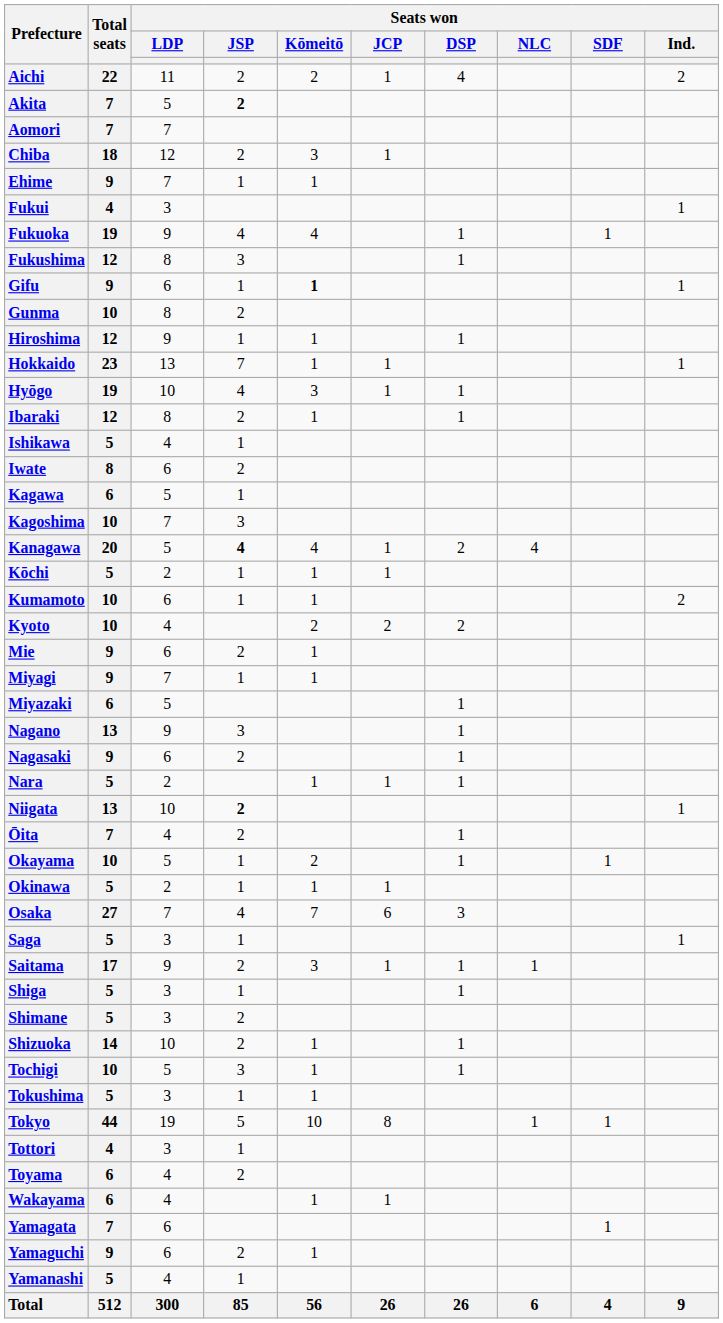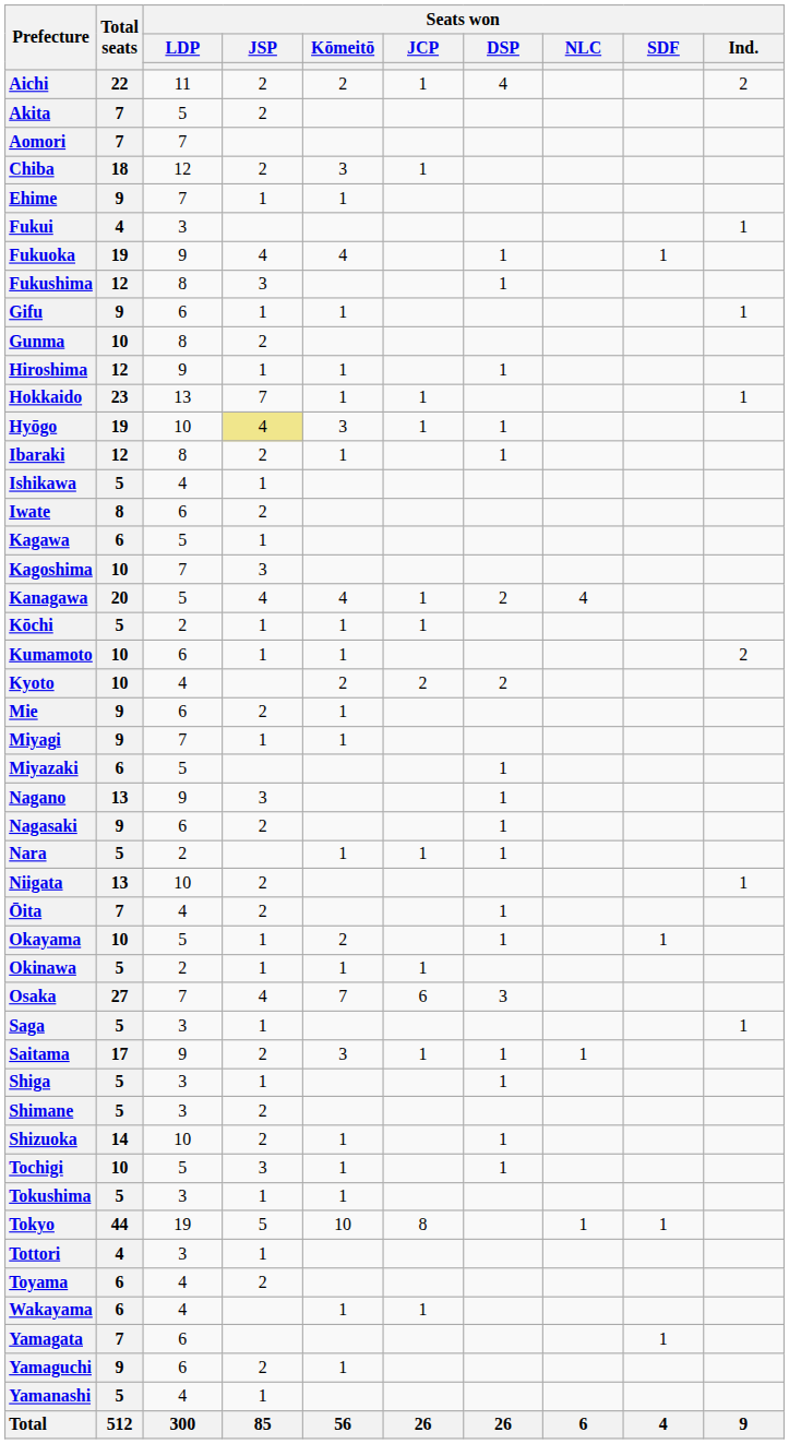 <table class="wikitable" style="text-align:center; font-size: 0.9em;">
 <tr>
 <th rowspan="3">Prefecture</th>
 <th rowspan="3">Total<br>seats</th>
 <th colspan="8">Seats won</th>
 </tr>
 <tr>
 <th class="unsortable" style="width:60px;"><a href='#'>LDP</a></th>
 <th class="unsortable" style="width:60px;"><a href='#'>JSP</a></th>
 <th class="unsortable" style="width:60px;"><a href='#'>Kōmeitō</a></th>
 <th class="unsortable" style="width:60px;"><a href='#'>JCP</a></th>
 <th class="unsortable" style="width:60px;"><a href='#'>DSP</a></th>
 <th class="unsortable" style="width:60px;"><a href='#'>NLC</a></th>
 <th class="unsortable" style="width:60px;"><a href='#'>SDF</a></th>
 <th class="unsortable" style="width:60px;">Ind.</th>
 </tr>
 <tr>
 <th style="background:"></th>
 <th style="background:"></th>
 <th style="background:"></th>
 <th style="background:"></th>
 <th style="background:"></th>
 <th style="background:"></th>
 <th style="background:"></th>
 <th style="background:"></th>
 </tr>
 <tr>
 <th style="text-align: left;"><a href='#'>Aichi</a></th>
 <th>22</th>
 <td>11</td>
 <td>2</td>
 <td>2</td>
 <td>1</td>
 <td>4</td>
 <td></td>
 <td></td>
 <td>2</td>
 </tr>
 <tr>
 <th style="text-align: left;"><a href='#'>Akita</a></th>
 <th>7</th>
 <td>5</td>
-<td><strong>2</strong></td>
+<td>2</td>
 <td></td>
 <td></td>
 <td></td>
 <td></td>
 <td></td>
 <td></td>
 </tr>
 <tr>
 <th style="text-align: left;"><a href='#'>Aomori</a></th>
 <th>7</th>
 <td>7</td>
 <td></td>
 <td></td>
 <td></td>
 <td></td>
 <td></td>
 <td></td>
 <td></td>
 </tr>
 <tr>
 <th style="text-align: left;"><a href='#'>Chiba</a></th>
 <th>18</th>
 <td>12</td>
 <td>2</td>
 <td>3</td>
 <td>1</td>
 <td></td>
 <td></td>
 <td></td>
 <td></td>
 </tr>
 <tr>
 <th style="text-align: left;"><a href='#'>Ehime</a></th>
 <th>9</th>
 <td>7</td>
 <td>1</td>
 <td>1</td>
 <td></td>
 <td></td>
 <td></td>
 <td></td>
 <td></td>
 </tr>
 <tr>
 <th style="text-align: left;"><a href='#'>Fukui</a></th>
 <th>4</th>
 <td>3</td>
 <td></td>
 <td></td>
 <td></td>
 <td></td>
 <td></td>
 <td></td>
 <td>1</td>
 </tr>
 <tr>
 <th style="text-align: left;"><a href='#'>Fukuoka</a></th>
 <th>19</th>
 <td>9</td>
 <td>4</td>
 <td>4</td>
 <td></td>
 <td>1</td>
 <td></td>
 <td>1</td>
 <td></td>
 </tr>
 <tr>
 <th style="text-align: left;"><a href='#'>Fukushima</a></th>
 <th>12</th>
 <td>8</td>
 <td>3</td>
 <td></td>
 <td></td>
 <td>1</td>
 <td></td>
 <td></td>
 <td></td>
 </tr>
 <tr>
 <th style="text-align: left;"><a href='#'>Gifu</a></th>
 <th>9</th>
 <td>6</td>
 <td>1</td>
-<td><strong>1</strong></td>
+<td>1</td>
 <td></td>
 <td></td>
 <td></td>
 <td></td>
 <td>1</td>
 </tr>
 <tr>
 <th style="text-align: left;"><a href='#'>Gunma</a></th>
 <th>10</th>
 <td>8</td>
 <td>2</td>
 <td></td>
 <td></td>
 <td></td>
 <td></td>
 <td></td>
 <td></td>
 </tr>
 <tr>
 <th style="text-align: left;"><a href='#'>Hiroshima</a></th>
 <th>12</th>
 <td>9</td>
 <td>1</td>
 <td>1</td>
 <td></td>
 <td>1</td>
 <td></td>
 <td></td>
 <td></td>
 </tr>
 <tr>
 <th style="text-align: left;"><a href='#'>Hokkaido</a></th>
 <th>23</th>
 <td>13</td>
 <td>7</td>
 <td>1</td>
 <td>1</td>
 <td></td>
 <td></td>
 <td></td>
 <td>1</td>
 </tr>
 <tr>
 <th style="text-align: left;"><a href='#'>Hyōgo</a></th>
 <th>19</th>
 <td>10</td>
-<td>4</td>
+<td style="background: khaki;">4</td>
 <td>3</td>
 <td>1</td>
 <td>1</td>
 <td></td>
 <td></td>
 <td></td>
 </tr>
 <tr>
 <th style="text-align: left;"><a href='#'>Ibaraki</a></th>
 <th>12</th>
 <td>8</td>
 <td>2</td>
 <td>1</td>
 <td></td>
 <td>1</td>
 <td></td>
 <td></td>
 <td></td>
 </tr>
 <tr>
 <th style="text-align: left;"><a href='#'>Ishikawa</a></th>
 <th>5</th>
 <td>4</td>
 <td>1</td>
 <td></td>
 <td></td>
 <td></td>
 <td></td>
 <td></td>
 <td></td>
 </tr>
 <tr>
 <th style="text-align: left;"><a href='#'>Iwate</a></th>
 <th>8</th>
 <td>6</td>
 <td>2</td>
 <td></td>
 <td></td>
 <td></td>
 <td></td>
 <td></td>
 <td></td>
 </tr>
 <tr>
 <th style="text-align: left;"><a href='#'>Kagawa</a></th>
 <th>6</th>
 <td>5</td>
 <td>1</td>
 <td></td>
 <td></td>
 <td></td>
 <td></td>
 <td></td>
 <td></td>
 </tr>
 <tr>
 <th style="text-align: left;"><a href='#'>Kagoshima</a></th>
 <th>10</th>
 <td>7</td>
 <td>3</td>
 <td></td>
 <td></td>
 <td></td>
 <td></td>
 <td></td>
 <td></td>
 </tr>
 <tr>
 <th style="text-align: left;"><a href='#'>Kanagawa</a></th>
 <th>20</th>
 <td>5</td>
-<td><strong>4</strong></td>
+<td>4</td>
 <td>4</td>
 <td>1</td>
 <td>2</td>
 <td>4</td>
 <td></td>
 <td></td>
 </tr>
 <tr>
 <th style="text-align: left;"><a href='#'>Kōchi</a></th>
 <th>5</th>
 <td>2</td>
 <td>1</td>
 <td>1</td>
 <td>1</td>
 <td></td>
 <td></td>
 <td></td>
 <td></td>
 </tr>
 <tr>
 <th style="text-align: left;"><a href='#'>Kumamoto</a></th>
 <th>10</th>
 <td>6</td>
 <td>1</td>
 <td>1</td>
 <td></td>
 <td></td>
 <td></td>
 <td></td>
 <td>2</td>
 </tr>
 <tr>
 <th style="text-align: left;"><a href='#'>Kyoto</a></th>
 <th>10</th>
 <td>4</td>
 <td></td>
 <td>2</td>
 <td>2</td>
 <td>2</td>
 <td></td>
 <td></td>
 <td></td>
 </tr>
 <tr>
 <th style="text-align: left;"><a href='#'>Mie</a></th>
 <th>9</th>
 <td>6</td>
 <td>2</td>
 <td>1</td>
 <td></td>
 <td></td>
 <td></td>
 <td></td>
 <td></td>
 </tr>
 <tr>
 <th style="text-align: left;"><a href='#'>Miyagi</a></th>
 <th>9</th>
 <td>7</td>
 <td>1</td>
 <td>1</td>
 <td></td>
 <td></td>
 <td></td>
 <td></td>
 <td></td>
 </tr>
 <tr>
 <th style="text-align: left;"><a href='#'>Miyazaki</a></th>
 <th>6</th>
 <td>5</td>
 <td></td>
 <td></td>
 <td></td>
 <td>1</td>
 <td></td>
 <td></td>
 <td></td>
 </tr>
 <tr>
 <th style="text-align: left;"><a href='#'>Nagano</a></th>
 <th>13</th>
 <td>9</td>
 <td>3</td>
 <td></td>
 <td></td>
 <td>1</td>
 <td></td>
 <td></td>
 <td></td>
 </tr>
 <tr>
 <th style="text-align: left;"><a href='#'>Nagasaki</a></th>
 <th>9</th>
 <td>6</td>
 <td>2</td>
 <td></td>
 <td></td>
 <td>1</td>
 <td></td>
 <td></td>
 <td></td>
 </tr>
 <tr>
 <th style="text-align: left;"><a href='#'>Nara</a></th>
 <th>5</th>
 <td>2</td>
 <td></td>
 <td>1</td>
 <td>1</td>
 <td>1</td>
 <td></td>
 <td></td>
 <td></td>
 </tr>
 <tr>
 <th style="text-align: left;"><a href='#'>Niigata</a></th>
 <th>13</th>
 <td>10</td>
-<td><strong>2</strong></td>
+<td>2</td>
 <td></td>
 <td></td>
 <td></td>
 <td></td>
 <td></td>
 <td>1</td>
 </tr>
 <tr>
 <th style="text-align: left;"><a href='#'>Ōita</a></th>
 <th>7</th>
 <td>4</td>
 <td>2</td>
 <td></td>
 <td></td>
 <td>1</td>
 <td></td>
 <td></td>
 <td></td>
 </tr>
 <tr>
 <th style="text-align: left;"><a href='#'>Okayama</a></th>
 <th>10</th>
 <td>5</td>
 <td>1</td>
 <td>2</td>
 <td></td>
 <td>1</td>
 <td></td>
 <td>1</td>
 <td></td>
 </tr>
 <tr>
 <th style="text-align: left;"><a href='#'>Okinawa</a></th>
 <th>5</th>
 <td>2</td>
 <td>1</td>
 <td>1</td>
 <td>1</td>
 <td></td>
 <td></td>
 <td></td>
 <td></td>
 </tr>
 <tr>
 <th style="text-align: left;"><a href='#'>Osaka</a></th>
 <th>27</th>
 <td>7</td>
 <td>4</td>
 <td>7</td>
 <td>6</td>
 <td>3</td>
 <td></td>
 <td></td>
 <td></td>
 </tr>
 <tr>
 <th style="text-align: left;"><a href='#'>Saga</a></th>
 <th>5</th>
 <td>3</td>
 <td>1</td>
 <td></td>
 <td></td>
 <td></td>
 <td></td>
 <td></td>
 <td>1</td>
 </tr>
 <tr>
 <th style="text-align: left;"><a href='#'>Saitama</a></th>
 <th>17</th>
 <td>9</td>
 <td>2</td>
 <td>3</td>
 <td>1</td>
 <td>1</td>
 <td>1</td>
 <td></td>
 <td></td>
 </tr>
 <tr>
 <th style="text-align: left;"><a href='#'>Shiga</a></th>
 <th>5</th>
 <td>3</td>
 <td>1</td>
 <td></td>
 <td></td>
 <td>1</td>
 <td></td>
 <td></td>
 <td></td>
 </tr>
 <tr>
 <th style="text-align: left;"><a href='#'>Shimane</a></th>
 <th>5</th>
 <td>3</td>
 <td>2</td>
 <td></td>
 <td></td>
 <td></td>
 <td></td>
 <td></td>
 <td></td>
 </tr>
 <tr>
 <th style="text-align: left;"><a href='#'>Shizuoka</a></th>
 <th>14</th>
 <td>10</td>
 <td>2</td>
 <td>1</td>
 <td></td>
 <td>1</td>
 <td></td>
 <td></td>
 <td></td>
 </tr>
 <tr>
 <th style="text-align: left;"><a href='#'>Tochigi</a></th>
 <th>10</th>
 <td>5</td>
 <td>3</td>
 <td>1</td>
 <td></td>
 <td>1</td>
 <td></td>
 <td></td>
 <td></td>
 </tr>
 <tr>
 <th style="text-align: left;"><a href='#'>Tokushima</a></th>
 <th>5</th>
 <td>3</td>
 <td>1</td>
 <td>1</td>
 <td></td>
 <td></td>
 <td></td>
 <td></td>
 <td></td>
 </tr>
 <tr>
 <th style="text-align: left;"><a href='#'>Tokyo</a></th>
 <th>44</th>
 <td>19</td>
 <td>5</td>
 <td>10</td>
 <td>8</td>
 <td></td>
 <td>1</td>
 <td>1</td>
 <td></td>
 </tr>
 <tr>
 <th style="text-align: left;"><a href='#'>Tottori</a></th>
 <th>4</th>
 <td>3</td>
 <td>1</td>
 <td></td>
 <td></td>
 <td></td>
 <td></td>
 <td></td>
 <td></td>
 </tr>
 <tr>
 <th style="text-align: left;"><a href='#'>Toyama</a></th>
 <th>6</th>
 <td>4</td>
 <td>2</td>
 <td></td>
 <td></td>
 <td></td>
 <td></td>
 <td></td>
 <td></td>
 </tr>
 <tr>
 <th style="text-align: left;"><a href='#'>Wakayama</a></th>
 <th>6</th>
 <td>4</td>
 <td></td>
 <td>1</td>
 <td>1</td>
 <td></td>
 <td></td>
 <td></td>
 <td></td>
 </tr>
 <tr>
 <th style="text-align: left;"><a href='#'>Yamagata</a></th>
 <th>7</th>
 <td>6</td>
 <td></td>
 <td></td>
 <td></td>
 <td></td>
 <td></td>
 <td>1</td>
 <td></td>
 </tr>
 <tr>
 <th style="text-align: left;"><a href='#'>Yamaguchi</a></th>
 <th>9</th>
 <td>6</td>
 <td>2</td>
 <td>1</td>
 <td></td>
 <td></td>
 <td></td>
 <td></td>
 <td></td>
 </tr>
 <tr>
 <th style="text-align: left;"><a href='#'>Yamanashi</a></th>
 <th>5</th>
 <td>4</td>
 <td>1</td>
 <td></td>
 <td></td>
 <td></td>
 <td></td>
 <td></td>
 <td></td>
 </tr>
 <tr class="sortbottom">
 <th style="text-align: left;">Total</th>
 <th>512</th>
 <th>300</th>
 <th>85</th>
 <th>56</th>
 <th>26</th>
 <th>26</th>
 <th>6</th>
 <th>4</th>
 <th>9</th>
 </tr>
 </table>
